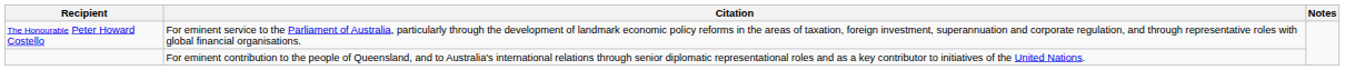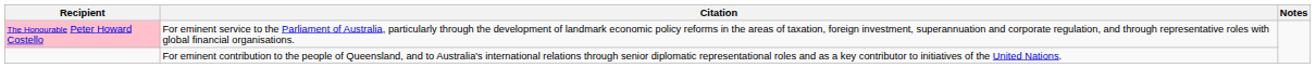 <table class="wikitable" style="font-size:95%;">
 <tr>
 <th>Recipient</th>
 <th>Citation</th>
 <th>Notes</th>
 </tr>
 <tr>
-<td><small><a href='#'>The Honourable</a></small> <a href='#'>Peter Howard Costello</a></td>
+<td style="background: pink;"><small><a href='#'>The Honourable</a></small> <a href='#'>Peter Howard Costello</a></td>
 <td>For eminent service to the <a href='#'>Parliament of Australia</a>, particularly through the development of landmark economic policy reforms in the areas of taxation, foreign investment, superannuation and corporate regulation, and through representative roles with global financial organisations.</td>
 <td rowspan=2></td>
 </tr>
 <tr>
 <td></td>
 <td>For eminent contribution to the people of Queensland, and to Australia's international relations through senior diplomatic representational roles and as a key contributor to initiatives of the <a href='#'>United Nations</a>.</td>
 </tr>
 </table>
